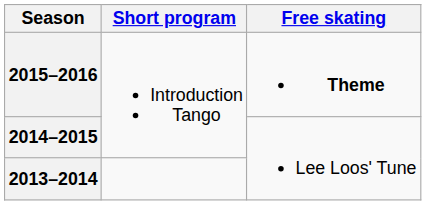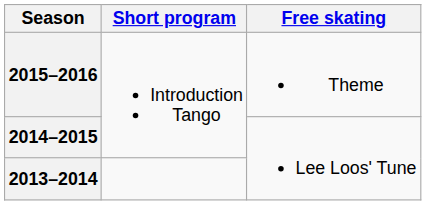 <table class=wikitable style=text-align:center>
 <tr>
 <th>Season</th>
 <th><a href='#'>Short program</a></th>
 <th><a href='#'>Free skating</a></th>
 </tr>
 <tr>
 <th>2015–2016 <br> </th>
 <td rowspan=2><br><ul><li>Introduction <br></li><li>Tango <br></li></ul></td>
-<td><strong><br><ul><li>Theme <br></li></ul></strong></td>
+<td><br><ul><li>Theme <br></li></ul></td>
 </tr>
 <tr>
 <th>2014–2015 <br> </th>
 <td rowspan=2><br><ul><li>Lee Loos' Tune <br></li></ul></td>
 </tr>
 <tr>
 <th>2013–2014 <br> </th>
 <td></td>
 </tr>
 </table>
